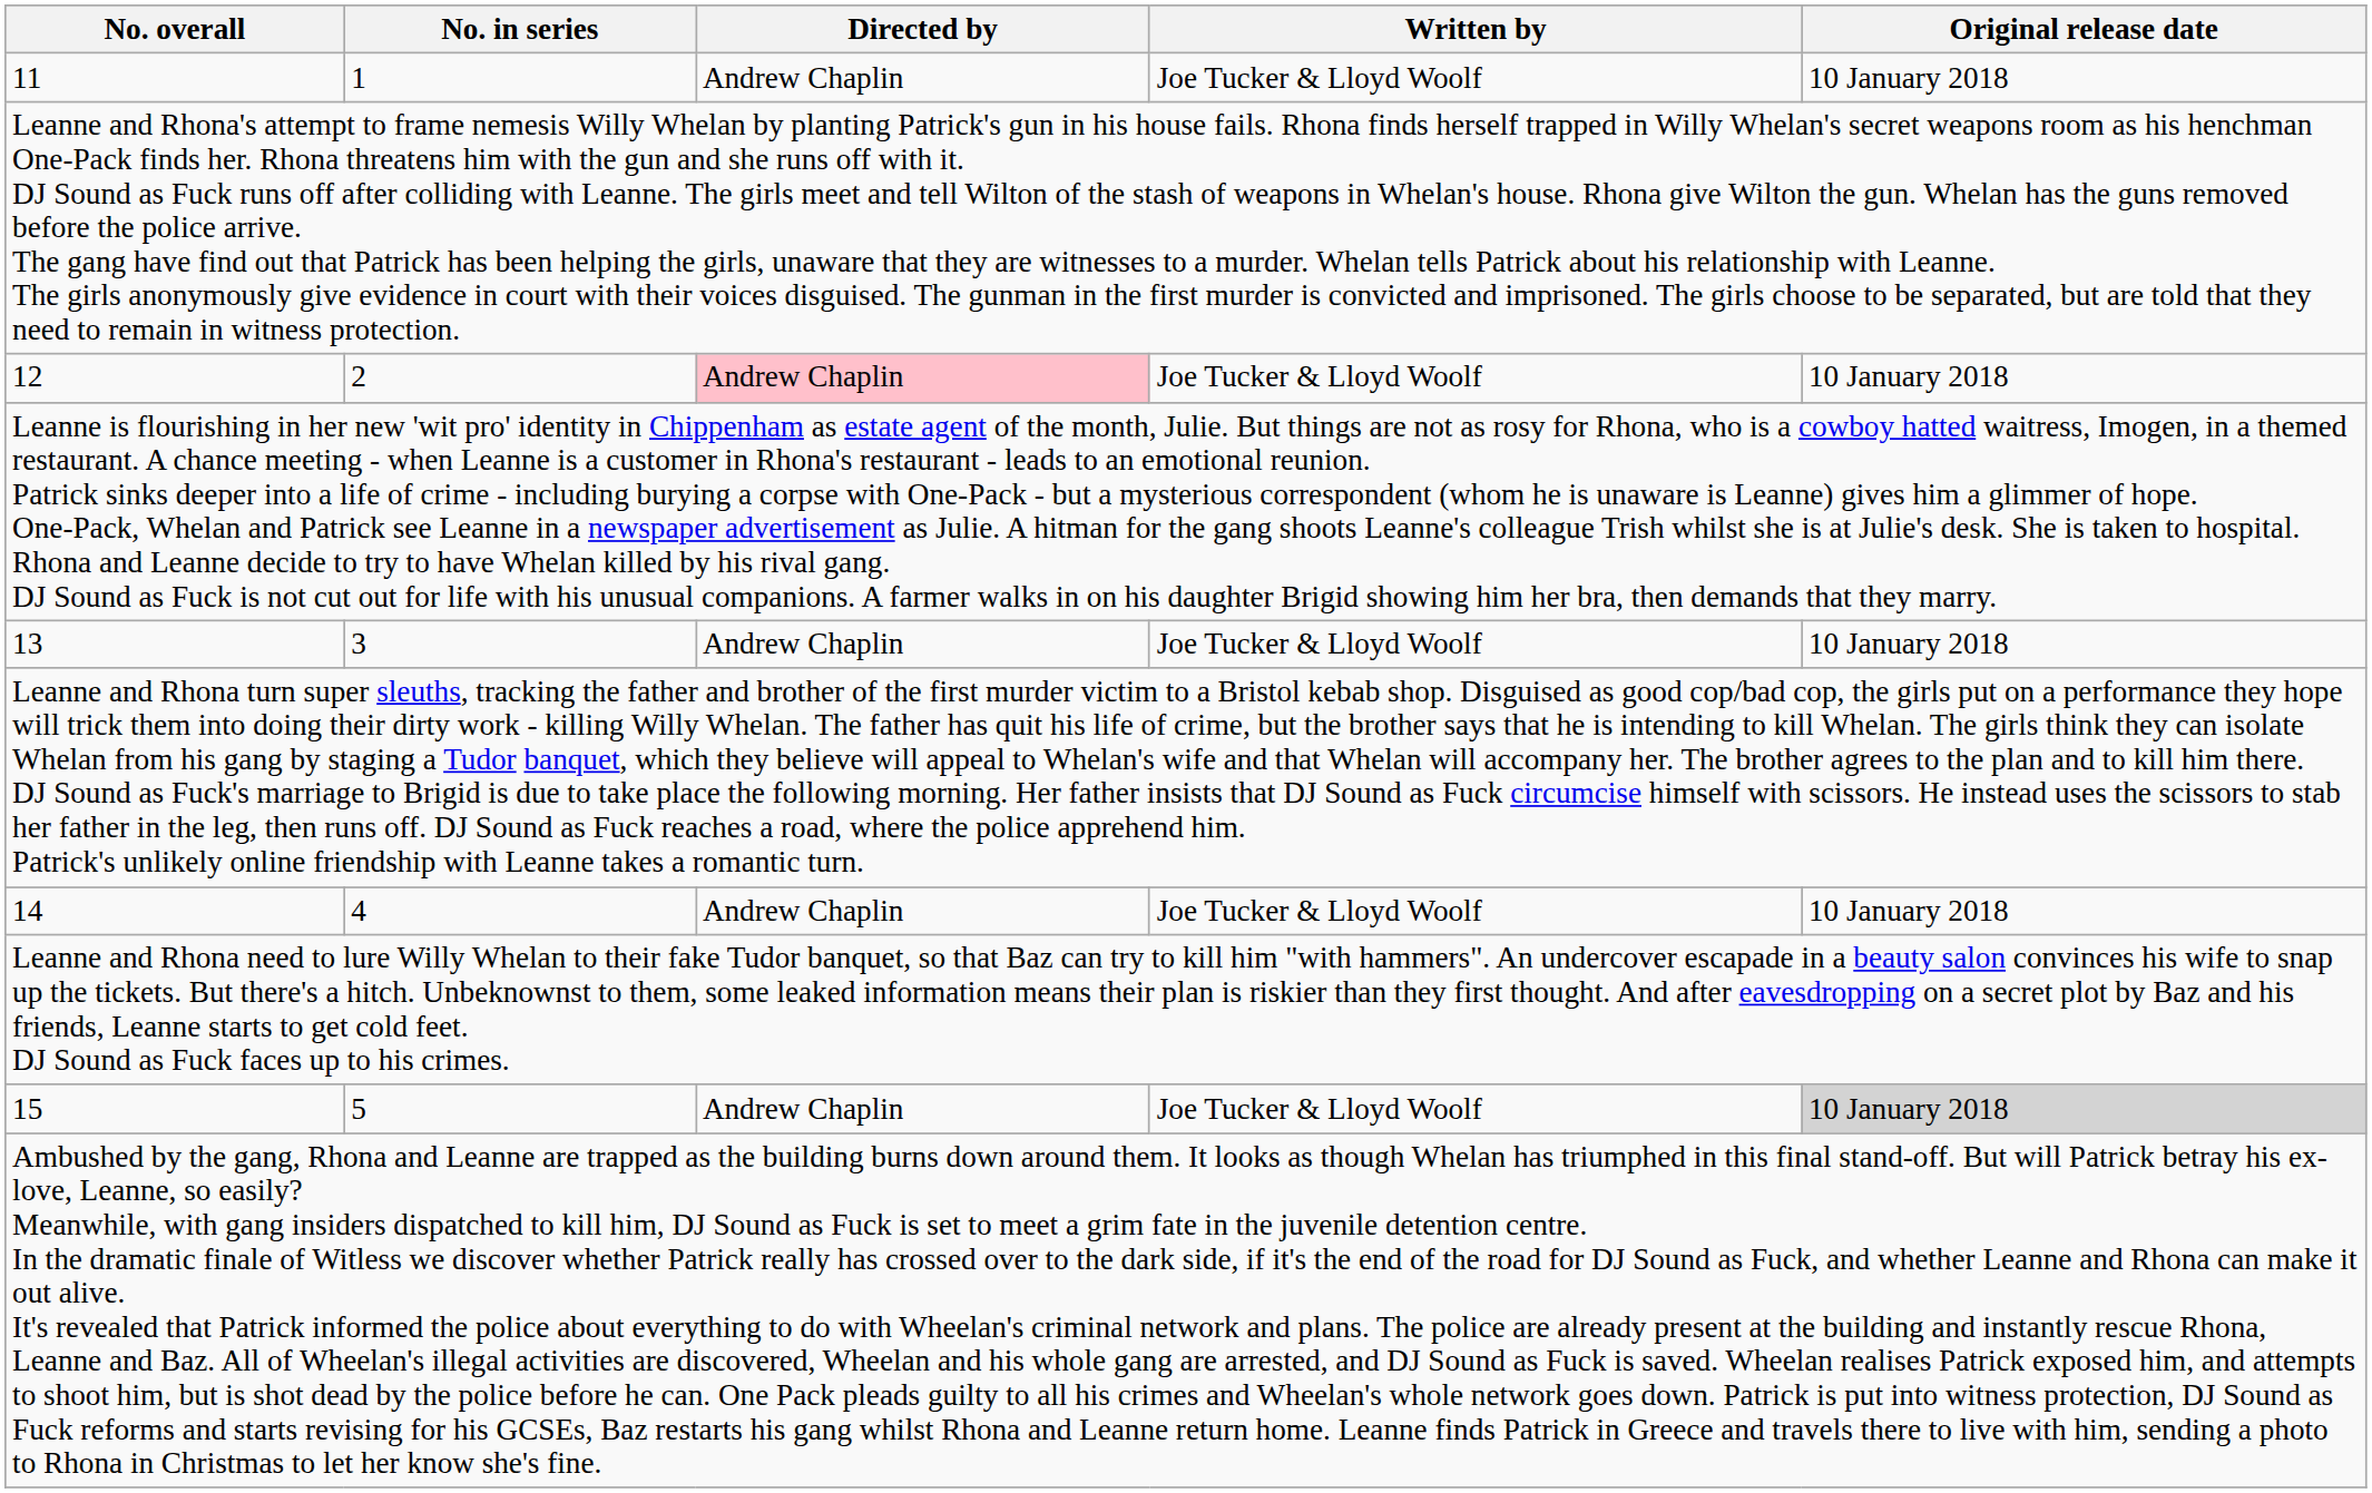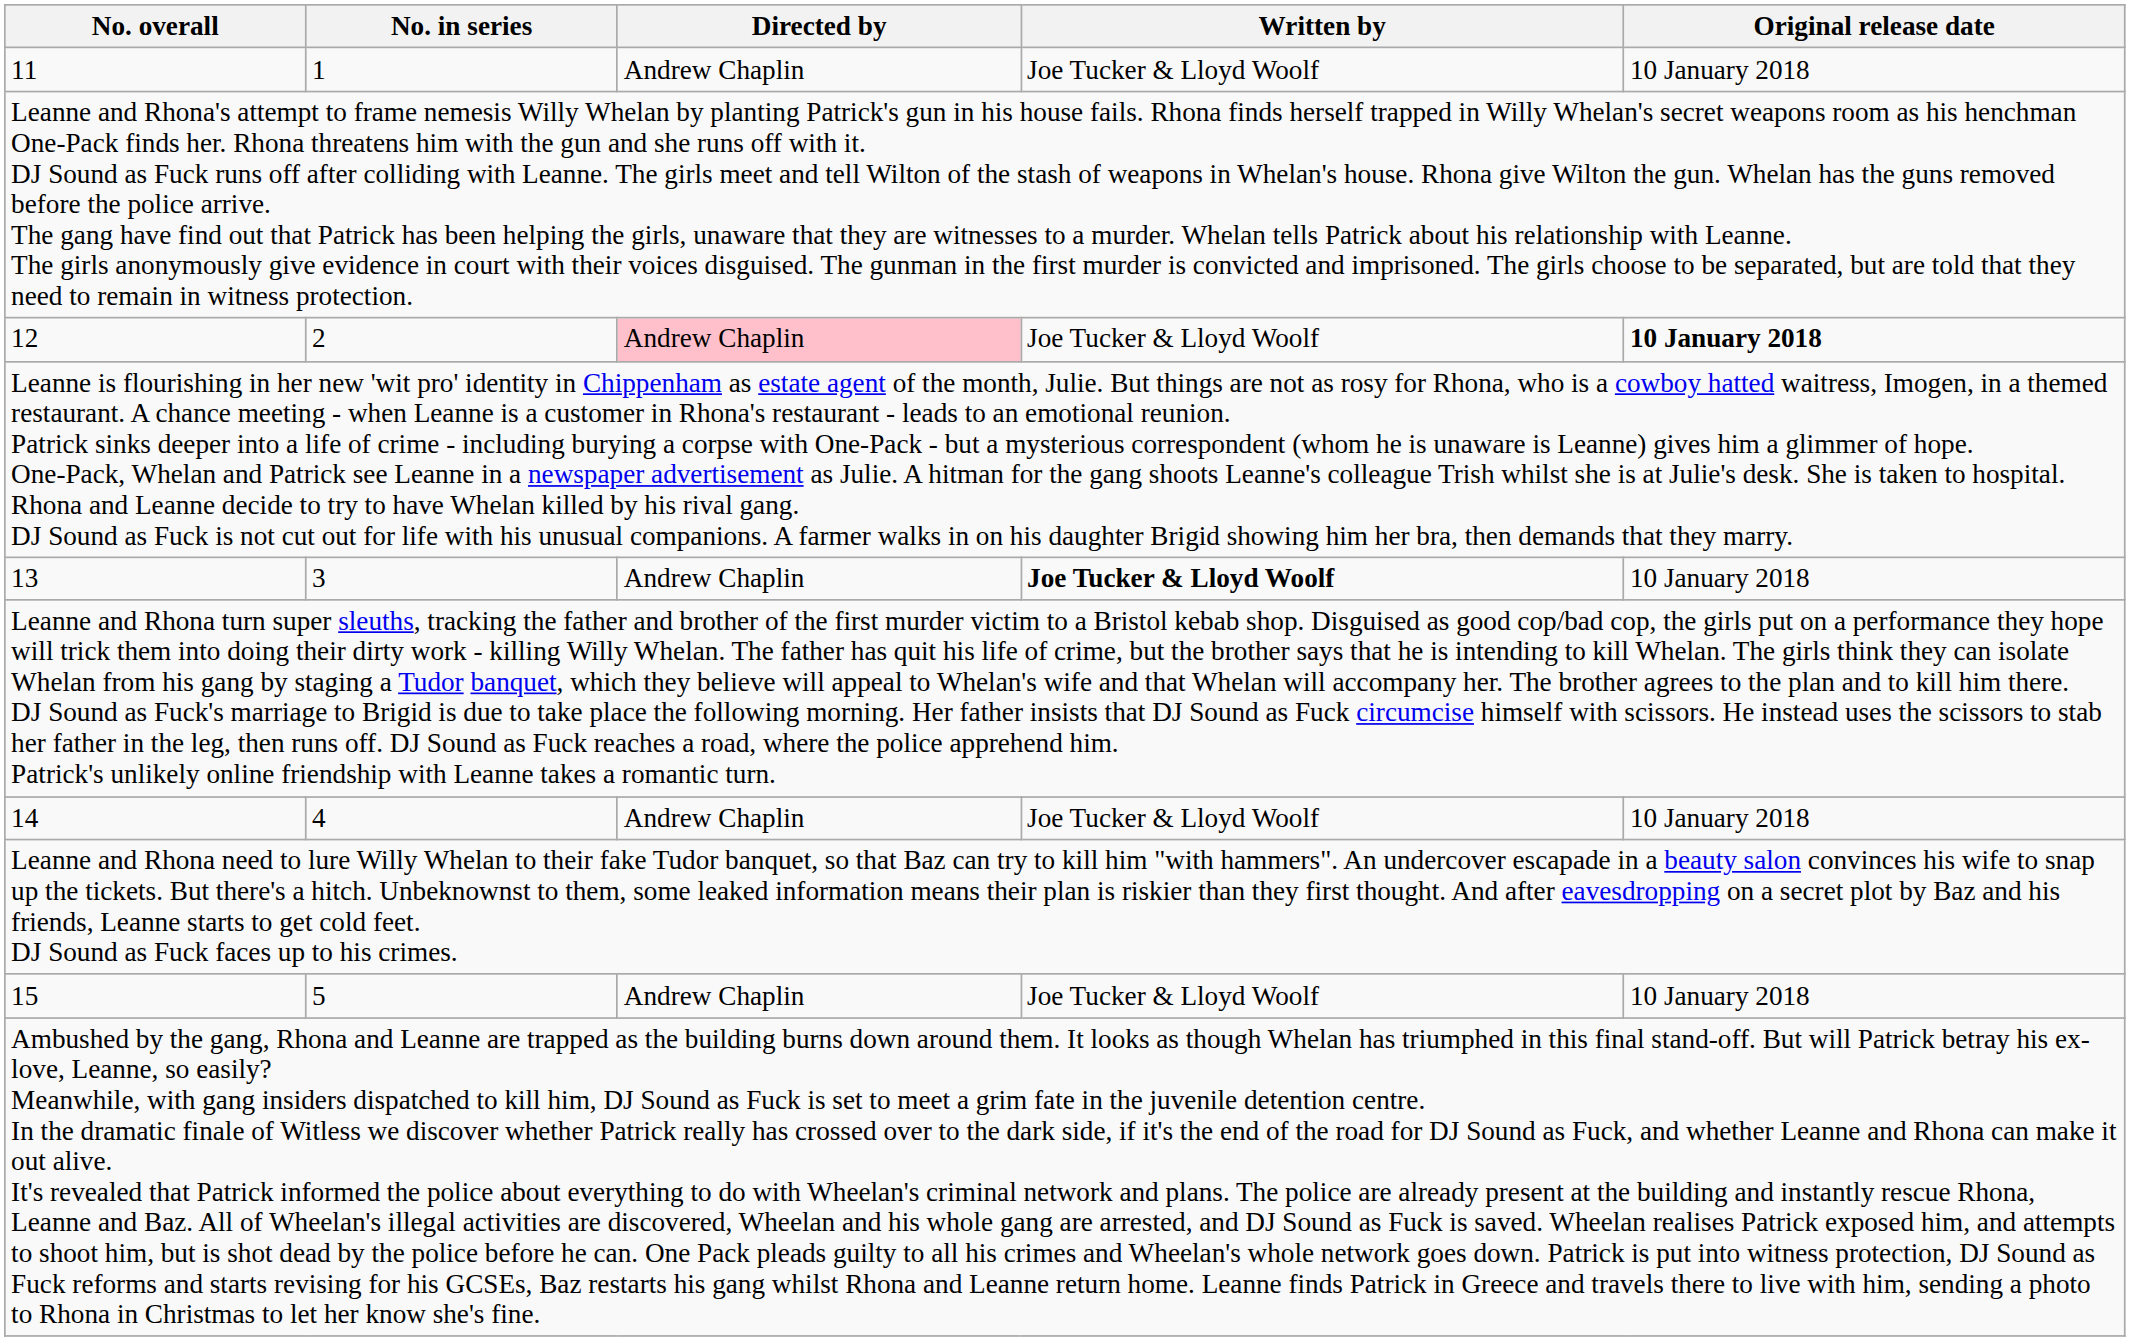 <table class="wikitable">
 <tr>
 <th>No. overall</th>
 <th>No. in series</th>
 <th>Directed by</th>
 <th>Written by</th>
 <th>Original release date</th>
 </tr>
 <tr>
 <td>11</td>
 <td>1</td>
 <td>Andrew Chaplin</td>
 <td>Joe Tucker & Lloyd Woolf</td>
 <td>10 January 2018</td>
 </tr>
 <tr>
 <td colspan="5">Leanne and Rhona's attempt to frame nemesis Willy Whelan by planting Patrick's gun in his house fails. Rhona finds herself trapped in Willy Whelan's secret weapons room as his henchman One-Pack finds her. Rhona threatens him with the gun and she runs off with it.<br>DJ Sound as Fuck runs off after colliding with Leanne. The girls meet and tell Wilton of the stash of weapons in Whelan's house. Rhona give Wilton the gun. Whelan has the guns removed before the police arrive.<br>The gang have find out that Patrick has been helping the girls, unaware that they are witnesses to a murder. Whelan tells Patrick about his relationship with Leanne.<br>The girls anonymously give evidence in court with their voices disguised. The gunman in the first murder is convicted and imprisoned. The girls choose to be separated, but are told that they need to remain in witness protection.</td>
 </tr>
 <tr>
 <td>12</td>
 <td>2</td>
 <td style="background: pink;">Andrew Chaplin</td>
 <td>Joe Tucker & Lloyd Woolf</td>
-<td>10 January 2018</td>
+<td><strong>10 January 2018</strong></td>
 </tr>
 <tr>
 <td colspan="5">Leanne is flourishing in her new 'wit pro' identity in <a href='#'>Chippenham</a> as <a href='#'>estate agent</a> of the month, Julie. But things are not as rosy for Rhona, who is a <a href='#'>cowboy hatted</a> waitress, Imogen, in a themed restaurant. A chance meeting - when Leanne is a customer in Rhona's restaurant - leads to an emotional reunion.<br>Patrick sinks deeper into a life of crime - including burying a corpse with One-Pack - but a mysterious correspondent (whom he is unaware is Leanne) gives him a glimmer of hope.<br>One-Pack, Whelan and Patrick see Leanne in a <a href='#'>newspaper advertisement</a> as Julie. A hitman for the gang shoots Leanne's colleague Trish whilst she is at Julie's desk. She is taken to hospital. Rhona and Leanne decide to try to have Whelan killed by his rival gang.<br>DJ Sound as Fuck is not cut out for life with his unusual companions. A farmer walks in on his daughter Brigid showing him her bra, then demands that they marry.</td>
 </tr>
 <tr>
 <td>13</td>
 <td>3</td>
 <td>Andrew Chaplin</td>
-<td>Joe Tucker & Lloyd Woolf</td>
+<td><strong>Joe Tucker & Lloyd Woolf</strong></td>
 <td>10 January 2018</td>
 </tr>
 <tr>
 <td colspan="5">Leanne and Rhona turn super <a href='#'>sleuths</a>, tracking the father and brother of the first murder victim to a Bristol kebab shop. Disguised as good cop/bad cop, the girls put on a performance they hope will trick them into doing their dirty work - killing Willy Whelan. The father has quit his life of crime, but the brother says that he is intending to kill Whelan. The girls think they can isolate Whelan from his gang by staging a <a href='#'>Tudor</a> <a href='#'>banquet</a>, which they believe will appeal to Whelan's wife and that Whelan will accompany her. The brother agrees to the plan and to kill him there.<br>DJ Sound as Fuck's marriage to Brigid is due to take place the following morning. Her father insists that DJ Sound as Fuck <a href='#'>circumcise</a> himself with scissors. He instead uses the scissors to stab her father in the leg, then runs off. DJ Sound as Fuck reaches a road, where the police apprehend him.<br>Patrick's unlikely online friendship with Leanne takes a romantic turn.</td>
 </tr>
 <tr>
 <td>14</td>
 <td>4</td>
 <td>Andrew Chaplin</td>
 <td>Joe Tucker & Lloyd Woolf</td>
 <td>10 January 2018</td>
 </tr>
 <tr>
 <td colspan="5">Leanne and Rhona need to lure Willy Whelan to their fake Tudor banquet, so that Baz can try to kill him "with hammers". An undercover escapade in a <a href='#'>beauty salon</a> convinces his wife to snap up the tickets. But there's a hitch. Unbeknownst to them, some leaked information means their plan is riskier than they first thought. And after <a href='#'>eavesdropping</a> on a secret plot by Baz and his friends, Leanne starts to get cold feet.<br>DJ Sound as Fuck faces up to his crimes.</td>
 </tr>
 <tr>
 <td>15</td>
 <td>5</td>
 <td>Andrew Chaplin</td>
 <td>Joe Tucker & Lloyd Woolf</td>
-<td style="background: lightgrey;">10 January 2018</td>
+<td>10 January 2018</td>
 </tr>
 <tr>
 <td colspan="5">Ambushed by the gang, Rhona and Leanne are trapped as the building burns down around them. It looks as though Whelan has triumphed in this final stand-off. But will Patrick betray his ex-love, Leanne, so easily?<br>Meanwhile, with gang insiders dispatched to kill him, DJ Sound as Fuck is set to meet a grim fate in the juvenile detention centre.<br>In the dramatic finale of Witless we discover whether Patrick really has crossed over to the dark side, if it's the end of the road for DJ Sound as Fuck, and whether Leanne and Rhona can make it out alive.<br>It's revealed that Patrick informed the police about everything to do with Wheelan's criminal network and plans. The police are already present at the building and instantly rescue Rhona, Leanne and Baz. All of Wheelan's illegal activities are discovered, Wheelan and his whole gang are arrested, and DJ Sound as Fuck is saved. Wheelan realises Patrick exposed him, and attempts to shoot him, but is shot dead by the police before he can. One Pack pleads guilty to all his crimes and Wheelan's whole network goes down. Patrick is put into witness protection, DJ Sound as Fuck reforms and starts revising for his GCSEs, Baz restarts his gang whilst Rhona and Leanne return home. Leanne finds Patrick in Greece and travels there to live with him, sending a photo to Rhona in Christmas to let her know she's fine.</td>
 </tr>
 </table>
